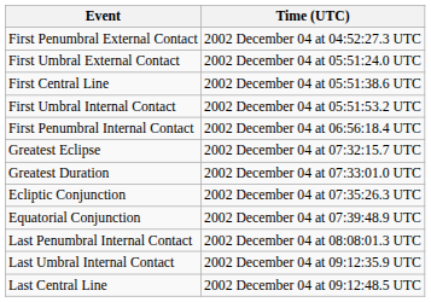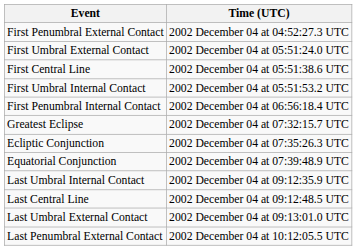 <table class="wikitable">
 <tr>
 <th>Event</th>
 <th>Time (UTC)</th>
 </tr>
 <tr>
 <td>First Penumbral External Contact</td>
 <td>2002 December 04 at 04:52:27.3 UTC</td>
 </tr>
 <tr>
 <td>First Umbral External Contact</td>
 <td>2002 December 04 at 05:51:24.0 UTC</td>
 </tr>
 <tr>
 <td>First Central Line</td>
 <td>2002 December 04 at 05:51:38.6 UTC</td>
 </tr>
 <tr>
 <td>First Umbral Internal Contact</td>
 <td>2002 December 04 at 05:51:53.2 UTC</td>
 </tr>
 <tr>
 <td>First Penumbral Internal Contact</td>
 <td>2002 December 04 at 06:56:18.4 UTC</td>
 </tr>
 <tr>
 <td>Greatest Eclipse</td>
 <td>2002 December 04 at 07:32:15.7 UTC</td>
 </tr>
 <tr>
-<td>Greatest Duration</td>
-<td>2002 December 04 at 07:33:01.0 UTC</td>
-</tr>
-<tr>
 <td>Ecliptic Conjunction</td>
 <td>2002 December 04 at 07:35:26.3 UTC</td>
 </tr>
 <tr>
 <td>Equatorial Conjunction</td>
 <td>2002 December 04 at 07:39:48.9 UTC</td>
-</tr>
-<tr>
-<td>Last Penumbral Internal Contact</td>
-<td>2002 December 04 at 08:08:01.3 UTC</td>
 </tr>
 <tr>
 <td>Last Umbral Internal Contact</td>
 <td>2002 December 04 at 09:12:35.9 UTC</td>
 </tr>
 <tr>
 <td>Last Central Line</td>
 <td>2002 December 04 at 09:12:48.5 UTC</td>
 </tr>
+<tr>
+<td>Last Umbral External Contact</td>
+<td>2002 December 04 at 09:13:01.0 UTC</td>
+</tr>
+<tr>
+<td>Last Penumbral External Contact</td>
+<td>2002 December 04 at 10:12:05.5 UTC</td>
+</tr>
 </table>
